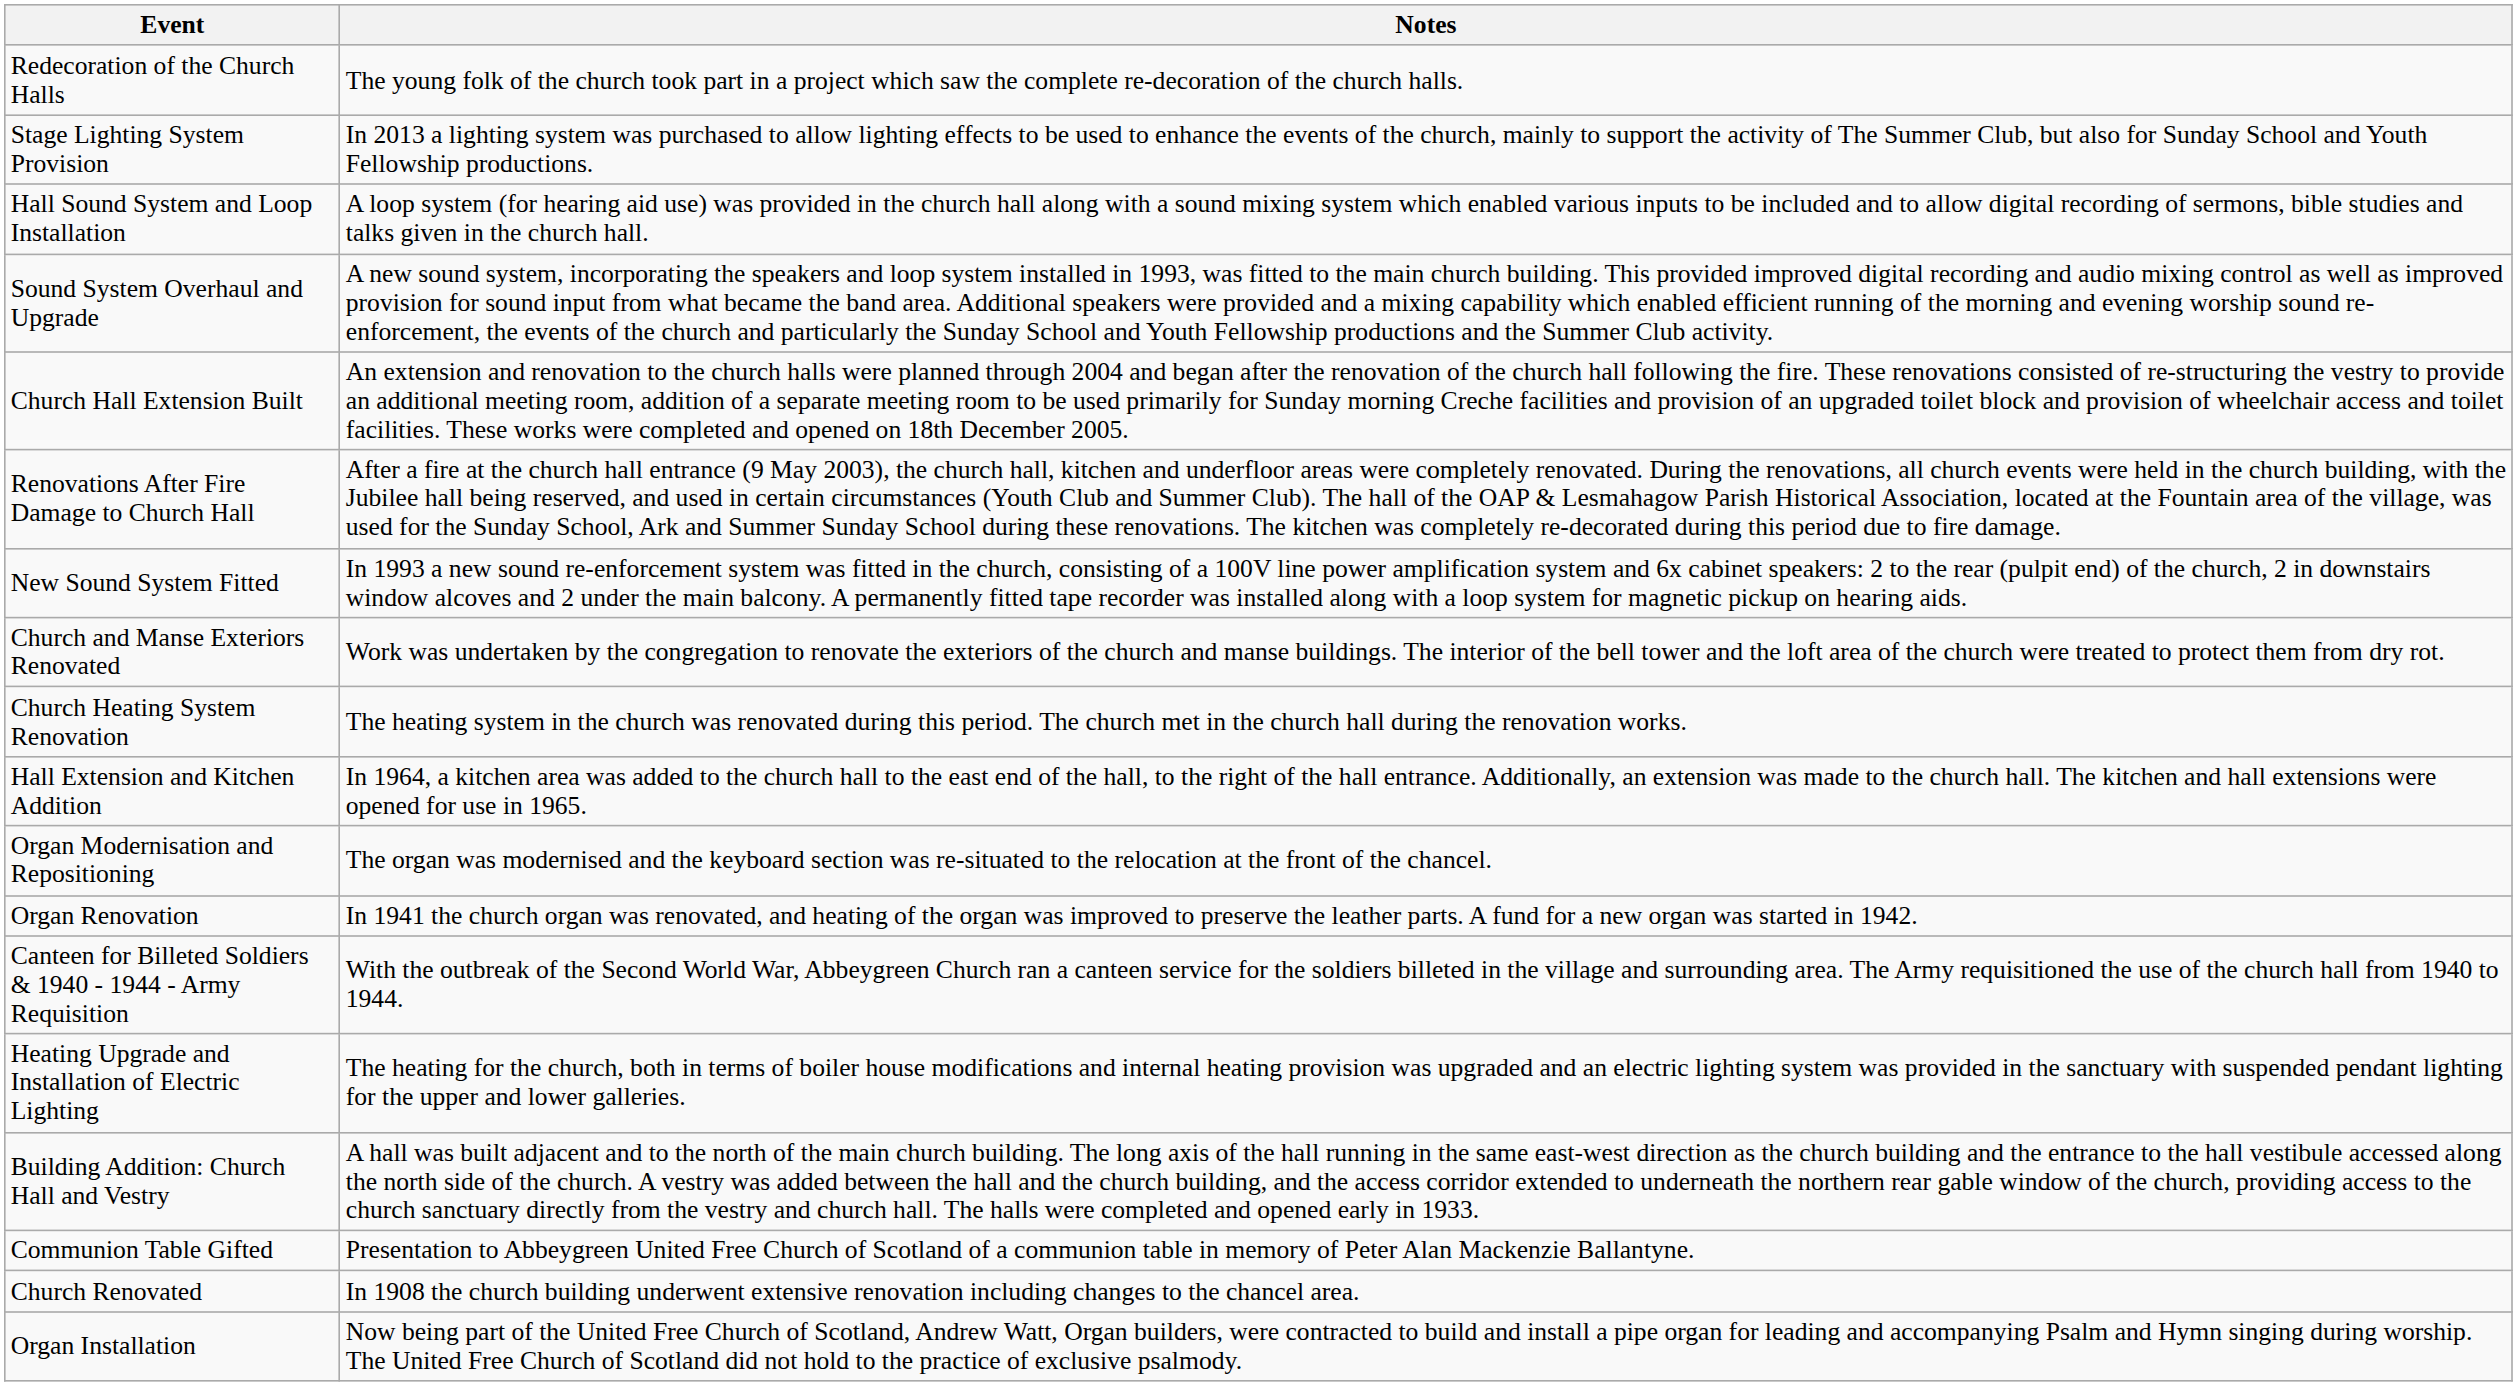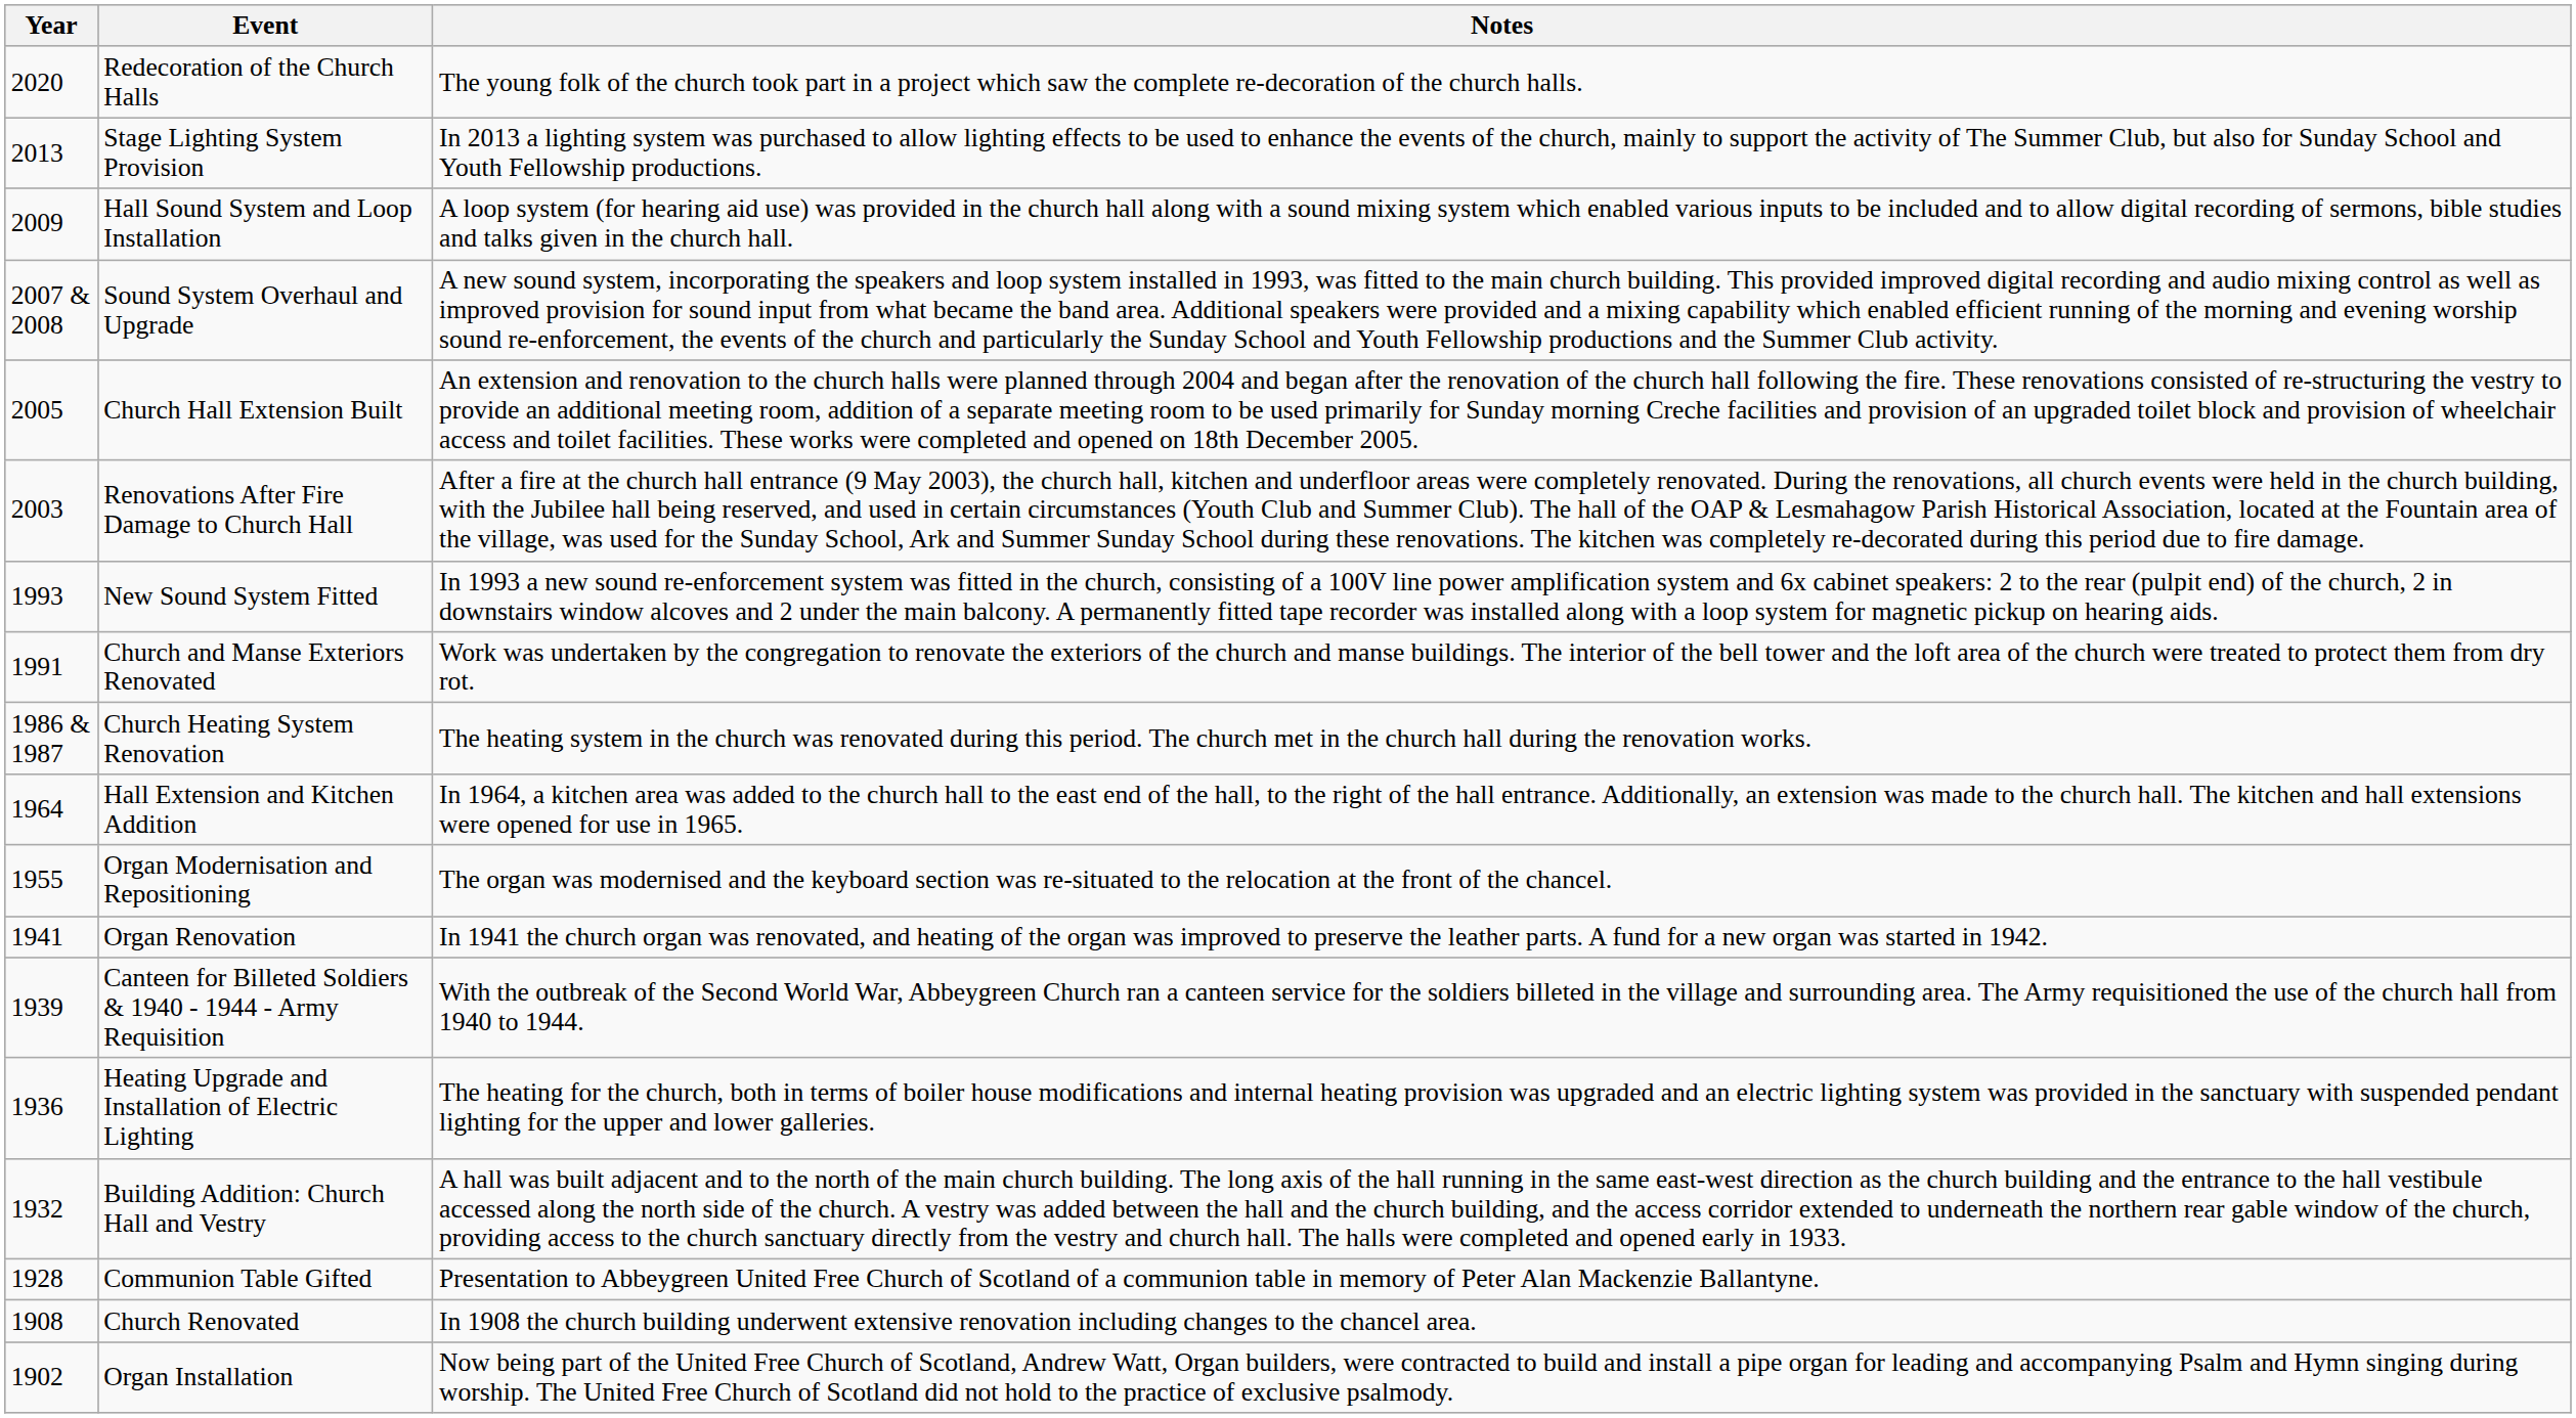 <table class="wikitable">
 <tr>
+<th>Year</th>
 <th>Event</th>
 <th>Notes</th>
 </tr>
 <tr>
+<td>2020</td>
 <td>Redecoration of the Church Halls</td>
 <td>The young folk of the church took part in a project which saw the complete re-decoration of the church halls.</td>
 </tr>
 <tr>
+<td>2013</td>
 <td>Stage Lighting System Provision</td>
 <td>In 2013 a lighting system was purchased to allow lighting effects to be used to enhance the events of the church, mainly to support the activity of The Summer Club, but also for Sunday School and Youth Fellowship productions.</td>
 </tr>
 <tr>
+<td>2009</td>
 <td>Hall Sound System and Loop Installation</td>
 <td>A loop system (for hearing aid use) was provided in the church hall along with a sound mixing system which enabled various inputs to be included and to allow digital recording of sermons, bible studies and talks given in the church hall.</td>
 </tr>
 <tr>
+<td>2007 & 2008</td>
 <td>Sound System Overhaul and Upgrade</td>
 <td>A new sound system, incorporating the speakers and loop system installed in 1993, was fitted to the main church building.  This provided improved digital recording and audio mixing control as well as improved provision for sound input from what became the band area.  Additional speakers were provided and a mixing capability which enabled efficient running of the morning and evening worship sound re-enforcement, the events of the church and particularly the Sunday School and Youth Fellowship productions and the Summer Club activity.</td>
 </tr>
 <tr>
+<td>2005</td>
 <td>Church Hall Extension Built</td>
 <td>An extension and renovation to the church halls were planned through 2004 and began after the renovation of the church hall following the fire.  These renovations consisted of re-structuring the vestry to provide an additional meeting room, addition of a separate meeting room to be used primarily for Sunday morning Creche facilities and provision of an upgraded toilet block and provision of wheelchair access and toilet facilities.  These works were completed and opened on 18th December 2005.</td>
 </tr>
 <tr>
+<td>2003</td>
 <td>Renovations After Fire Damage to Church Hall</td>
 <td>After a fire at the church hall entrance (9 May 2003), the church hall, kitchen and underfloor areas were completely renovated.  During the renovations, all church events were held in the church building, with the Jubilee hall being reserved, and used in certain circumstances (Youth Club and Summer Club).  The hall of the OAP & Lesmahagow Parish Historical Association, located at the Fountain area of the village, was used for the Sunday School, Ark and Summer Sunday School during these renovations.  The kitchen was completely re-decorated during this period due to fire damage.</td>
 </tr>
 <tr>
+<td>1993</td>
 <td>New Sound System Fitted</td>
 <td>In 1993 a new sound re-enforcement system was fitted in the church, consisting of a 100V line power amplification system and 6x cabinet speakers: 2 to the rear (pulpit end) of the church, 2 in downstairs window alcoves and 2 under the main balcony.  A permanently fitted tape recorder was installed along with a loop system for magnetic pickup on hearing aids.</td>
 </tr>
 <tr>
+<td>1991</td>
 <td>Church and Manse Exteriors Renovated</td>
 <td>Work was undertaken by the congregation to renovate the exteriors of the church and manse buildings.  The interior of the bell tower and the loft area of the church were treated to protect them from dry rot.</td>
 </tr>
 <tr>
+<td>1986 & 1987</td>
 <td>Church Heating System Renovation</td>
 <td>The heating system in the church was renovated during this period.  The church met in the church hall during the renovation works.</td>
 </tr>
 <tr>
+<td>1964</td>
 <td>Hall Extension and Kitchen Addition</td>
 <td>In 1964, a kitchen area was added to the church hall to the east end of the hall, to the right of the hall entrance.  Additionally, an extension was made to the church hall.  The kitchen and hall extensions were opened for use in 1965.</td>
 </tr>
 <tr>
+<td>1955</td>
 <td>Organ Modernisation and Repositioning</td>
 <td>The organ was modernised and the keyboard section was re-situated to the relocation at the front of the chancel.</td>
 </tr>
 <tr>
+<td>1941</td>
 <td>Organ Renovation</td>
 <td>In 1941 the church organ was renovated, and heating of the organ was improved to preserve the leather parts.  A fund for a new organ was started in 1942.</td>
 </tr>
 <tr>
+<td>1939</td>
 <td>Canteen for Billeted Soldiers & 1940 - 1944 - Army Requisition</td>
 <td>With the outbreak of the Second World War, Abbeygreen Church ran a canteen service for the soldiers billeted in the village and surrounding area.  The Army requisitioned the use of the church hall from 1940 to 1944.</td>
 </tr>
 <tr>
+<td>1936</td>
 <td>Heating Upgrade and Installation of Electric Lighting</td>
 <td>The heating for the church, both in terms of boiler house modifications and internal heating provision was upgraded and an electric lighting system was provided in the sanctuary with suspended pendant lighting for the upper and lower galleries.</td>
 </tr>
 <tr>
+<td>1932</td>
 <td>Building Addition:  Church Hall and Vestry</td>
 <td>A hall was built adjacent and to the north of the main church building.  The long axis of the hall running in the same east-west direction as the church building and the entrance to the hall vestibule accessed along the north side of the church.  A vestry was added between the hall and the church building, and the access corridor extended to underneath the northern rear gable window of the church, providing access to the church sanctuary directly from the vestry and church hall.  The halls were completed and opened early in 1933.</td>
 </tr>
 <tr>
+<td>1928</td>
 <td>Communion Table Gifted</td>
 <td>Presentation to Abbeygreen United Free Church of Scotland of a communion table in memory of Peter Alan Mackenzie Ballantyne.</td>
 </tr>
 <tr>
+<td>1908</td>
 <td>Church Renovated</td>
 <td>In 1908 the church building underwent extensive renovation including changes to the chancel area.</td>
 </tr>
 <tr>
+<td>1902</td>
 <td>Organ Installation</td>
 <td>Now being part of the United Free Church of Scotland, Andrew Watt, Organ builders, were contracted to build and install a pipe organ for leading and accompanying Psalm and Hymn singing during worship.  The United Free Church of Scotland did not hold to the practice of exclusive psalmody.</td>
 </tr>
 </table>
